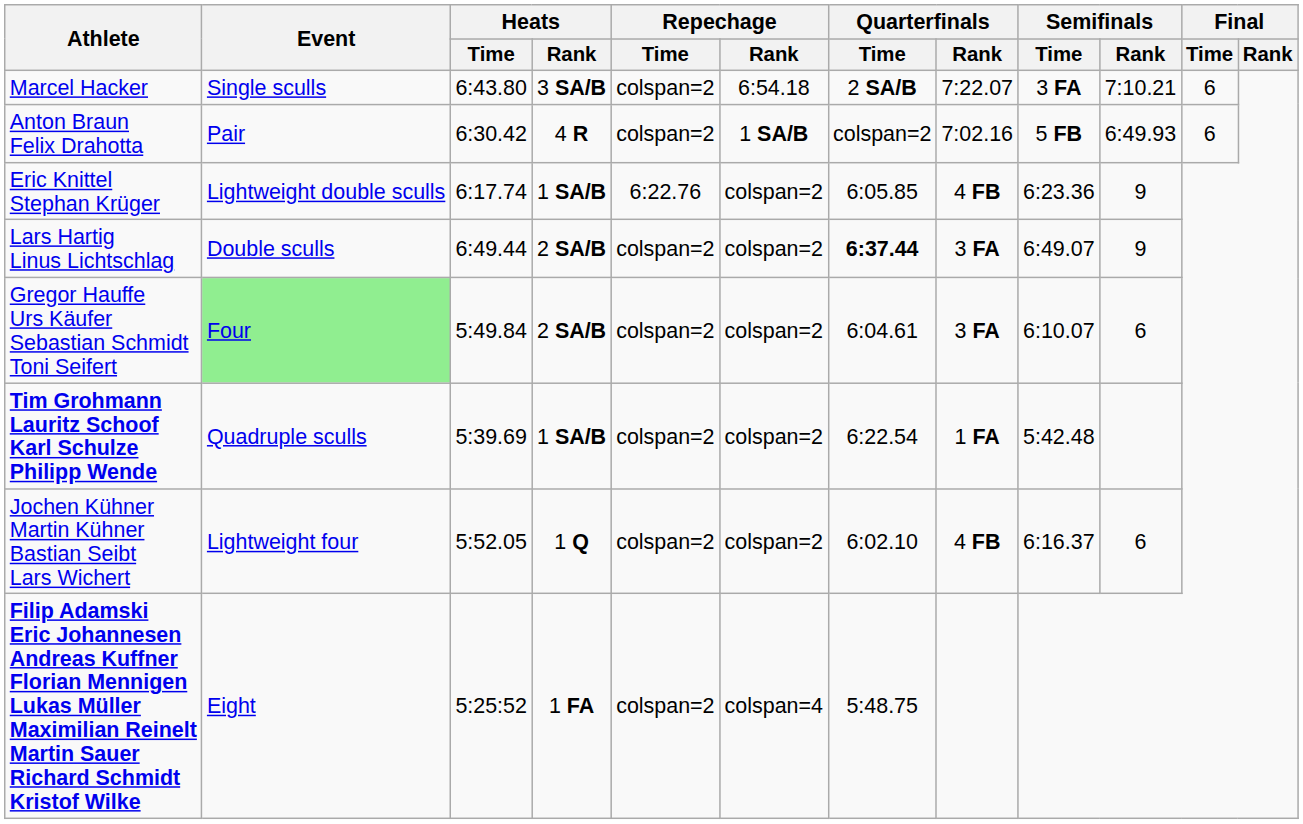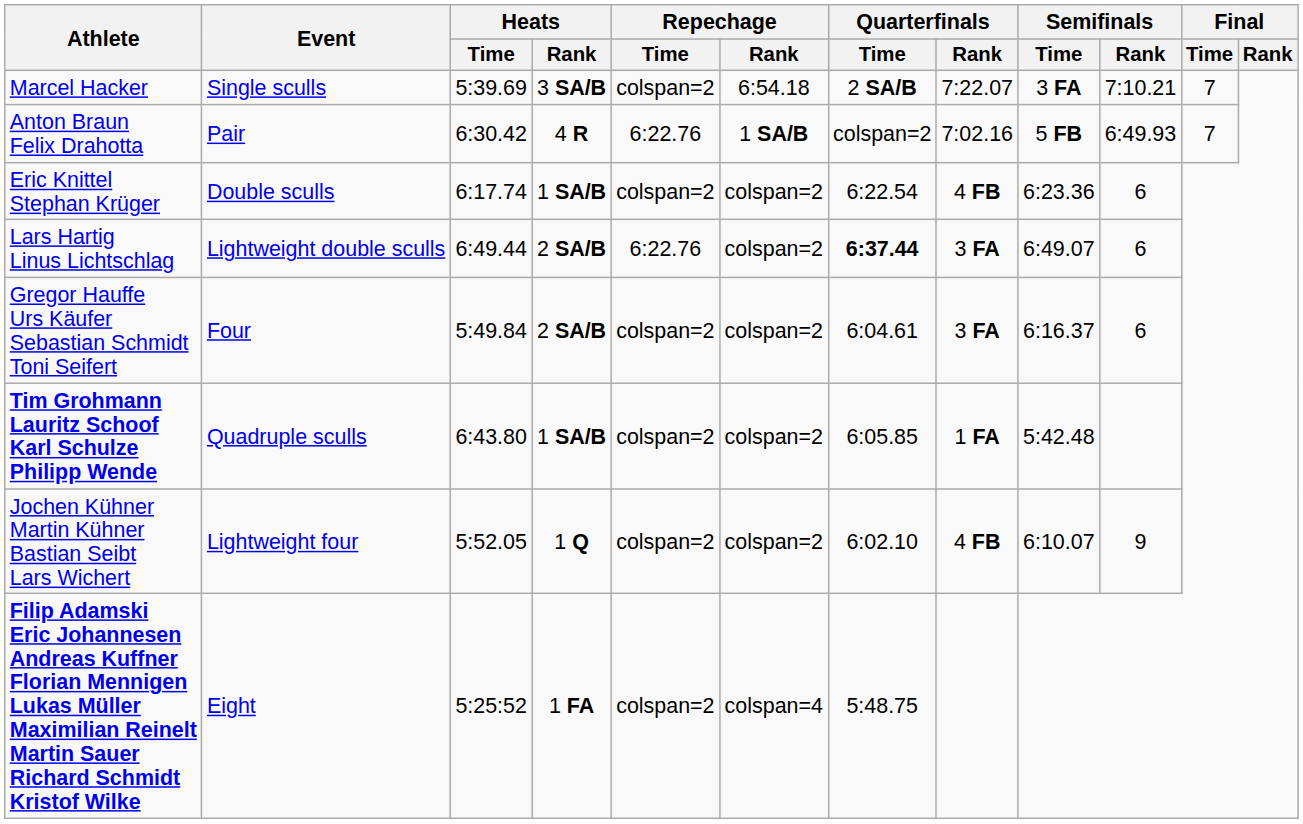 <table class="wikitable" style="font-size:90%">
 <tr>
 <th rowspan="2">Athlete</th>
 <th rowspan="2">Event</th>
 <th colspan="2">Heats</th>
 <th colspan="2">Repechage</th>
 <th colspan=2>Quarterfinals</th>
 <th colspan="2">Semifinals</th>
 <th colspan="2">Final</th>
 </tr>
 <tr style="font-size:95%">
 <th>Time</th>
 <th>Rank</th>
 <th>Time</th>
 <th>Rank</th>
 <th>Time</th>
 <th>Rank</th>
 <th>Time</th>
 <th>Rank</th>
 <th>Time</th>
 <th>Rank</th>
 </tr>
 <tr align=center>
 <td align=left><a href='#'>Marcel Hacker</a></td>
 <td align=left><a href='#'>Single sculls</a></td>
-<td>6:43.80</td>
+<td>5:39.69</td>
 <td>3 <strong>SA/B</strong></td>
 <td>colspan=2 </td>
 <td>6:54.18</td>
 <td>2 <strong>SA/B</strong></td>
 <td>7:22.07</td>
 <td>3 <strong>FA</strong></td>
 <td>7:10.21</td>
-<td>6</td>
+<td>7</td>
 </tr>
 <tr align=center>
 <td align=left><a href='#'>Anton Braun</a><br><a href='#'>Felix Drahotta</a></td>
 <td align=left><a href='#'>Pair</a></td>
 <td>6:30.42</td>
 <td>4 <strong>R</strong></td>
-<td>colspan=2 </td>
+<td>6:22.76</td>
 <td>1 <strong>SA/B</strong></td>
 <td>colspan=2 </td>
 <td>7:02.16</td>
 <td>5 <strong>FB</strong></td>
 <td>6:49.93</td>
+<td>7</td>
+</tr>
+<tr align=center>
+<td align=left><a href='#'>Eric Knittel</a><br><a href='#'>Stephan Krüger</a></td>
+<td align=left><a href='#'>Double sculls</a></td>
+<td>6:17.74</td>
+<td>1 <strong>SA/B</strong></td>
+<td>colspan=2 </td>
+<td>colspan=2 </td>
+<td>6:22.54</td>
+<td>4 <strong>FB</strong></td>
+<td>6:23.36</td>
 <td>6</td>
 </tr>
 <tr align=center>
-<td align=left><a href='#'>Eric Knittel</a><br><a href='#'>Stephan Krüger</a></td>
+<td align=left><a href='#'>Lars Hartig</a><br><a href='#'>Linus Lichtschlag</a></td>
 <td align=left><a href='#'>Lightweight double sculls</a></td>
-<td>6:17.74</td>
-<td>1 <strong>SA/B</strong></td>
-<td>6:22.76</td>
-<td>colspan=2 </td>
-<td>6:05.85</td>
-<td>4 <strong>FB</strong></td>
-<td>6:23.36</td>
-<td>9</td>
-</tr>
-<tr align=center>
-<td align=left><a href='#'>Lars Hartig</a><br><a href='#'>Linus Lichtschlag</a></td>
-<td align=left><a href='#'>Double sculls</a></td>
 <td>6:49.44</td>
 <td>2 <strong>SA/B</strong></td>
-<td>colspan=2 </td>
+<td>6:22.76</td>
 <td>colspan=2 </td>
 <td><strong>6:37.44</strong></td>
 <td>3 <strong>FA</strong></td>
 <td>6:49.07</td>
-<td>9</td>
+<td>6</td>
 </tr>
 <tr align=center>
 <td align=left><a href='#'>Gregor Hauffe</a><br><a href='#'>Urs Käufer</a><br><a href='#'>Sebastian Schmidt</a><br><a href='#'>Toni Seifert</a></td>
-<td align=left style="background: lightgreen;"><a href='#'>Four</a></td>
+<td align=left><a href='#'>Four</a></td>
 <td>5:49.84</td>
 <td>2 <strong>SA/B</strong></td>
 <td>colspan=2 </td>
 <td>colspan=2 </td>
 <td>6:04.61</td>
 <td>3 <strong>FA</strong></td>
-<td>6:10.07</td>
+<td>6:16.37</td>
 <td>6</td>
 </tr>
 <tr align=center>
 <td align=left><strong><a href='#'>Tim Grohmann</a><br><a href='#'>Lauritz Schoof</a><br><a href='#'>Karl Schulze</a><br><a href='#'>Philipp Wende</a></strong></td>
 <td align=left><a href='#'>Quadruple sculls</a></td>
-<td>5:39.69</td>
+<td>6:43.80</td>
 <td>1 <strong>SA/B</strong></td>
 <td>colspan=2 </td>
 <td>colspan=2 </td>
-<td>6:22.54</td>
+<td>6:05.85</td>
 <td>1 <strong>FA</strong></td>
 <td>5:42.48</td>
 <td></td>
 </tr>
 <tr align=center>
 <td align=left><a href='#'>Jochen Kühner</a><br><a href='#'>Martin Kühner</a><br><a href='#'>Bastian Seibt</a><br><a href='#'>Lars Wichert</a></td>
 <td align=left><a href='#'>Lightweight four</a></td>
 <td>5:52.05</td>
 <td>1 <strong>Q</strong></td>
 <td>colspan=2 </td>
 <td>colspan=2 </td>
 <td>6:02.10</td>
 <td>4 <strong>FB</strong></td>
-<td>6:16.37</td>
-<td>6</td>
+<td>6:10.07</td>
+<td>9</td>
 </tr>
 <tr align=center>
 <td align=left><strong><a href='#'>Filip Adamski</a><br><a href='#'>Eric Johannesen</a><br><a href='#'>Andreas Kuffner</a><br><a href='#'>Florian Mennigen</a><br><a href='#'>Lukas Müller</a><br><a href='#'>Maximilian Reinelt</a><br><a href='#'>Martin Sauer</a><br><a href='#'>Richard Schmidt</a><br><a href='#'>Kristof Wilke</a></strong></td>
 <td align=left><a href='#'>Eight</a></td>
 <td>5:25:52</td>
 <td>1 <strong>FA</strong></td>
 <td>colspan=2 </td>
 <td>colspan=4 </td>
 <td>5:48.75</td>
 <td></td>
 </tr>
 </table>
